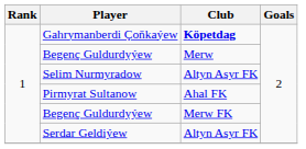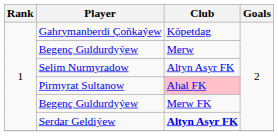 <table class="wikitable sortable" style="text-align:center">
 <tr>
 <th>Rank</th>
 <th>Player</th>
 <th>Club</th>
 <th>Goals</th>
 </tr>
 <tr>
 <td rowspan="6">1</td>
 <td align=left> <a href='#'>Gahrymanberdi Çoňkaýew</a></td>
-<td align=left><strong><a href='#'>Köpetdag</a></strong></td>
+<td align=left><a href='#'>Köpetdag</a></td>
 <td rowspan="6">2</td>
 </tr>
 <tr>
 <td align=left> <a href='#'>Begenç Guldurdyýew</a></td>
 <td align=left><a href='#'>Merw</a></td>
 </tr>
 <tr>
 <td align=left> <a href='#'>Selim Nurmyradow</a></td>
 <td align=left><a href='#'>Altyn Asyr FK</a></td>
 </tr>
 <tr>
 <td align=left> <a href='#'>Pirmyrat Sultanow</a></td>
-<td align=left><a href='#'>Ahal FK</a></td>
+<td align=left style="background: pink;"><a href='#'>Ahal FK</a></td>
 </tr>
 <tr>
 <td align=left> <a href='#'>Begenç Guldurdyýew</a></td>
 <td align=left><a href='#'>Merw FK</a></td>
 </tr>
 <tr>
 <td align=left> <a href='#'>Serdar Geldiýew</a></td>
-<td align=left><a href='#'>Altyn Asyr FK</a></td>
+<td align=left><strong><a href='#'>Altyn Asyr FK</a></strong></td>
 </tr>
 <tr>
 </tr>
 </table>
